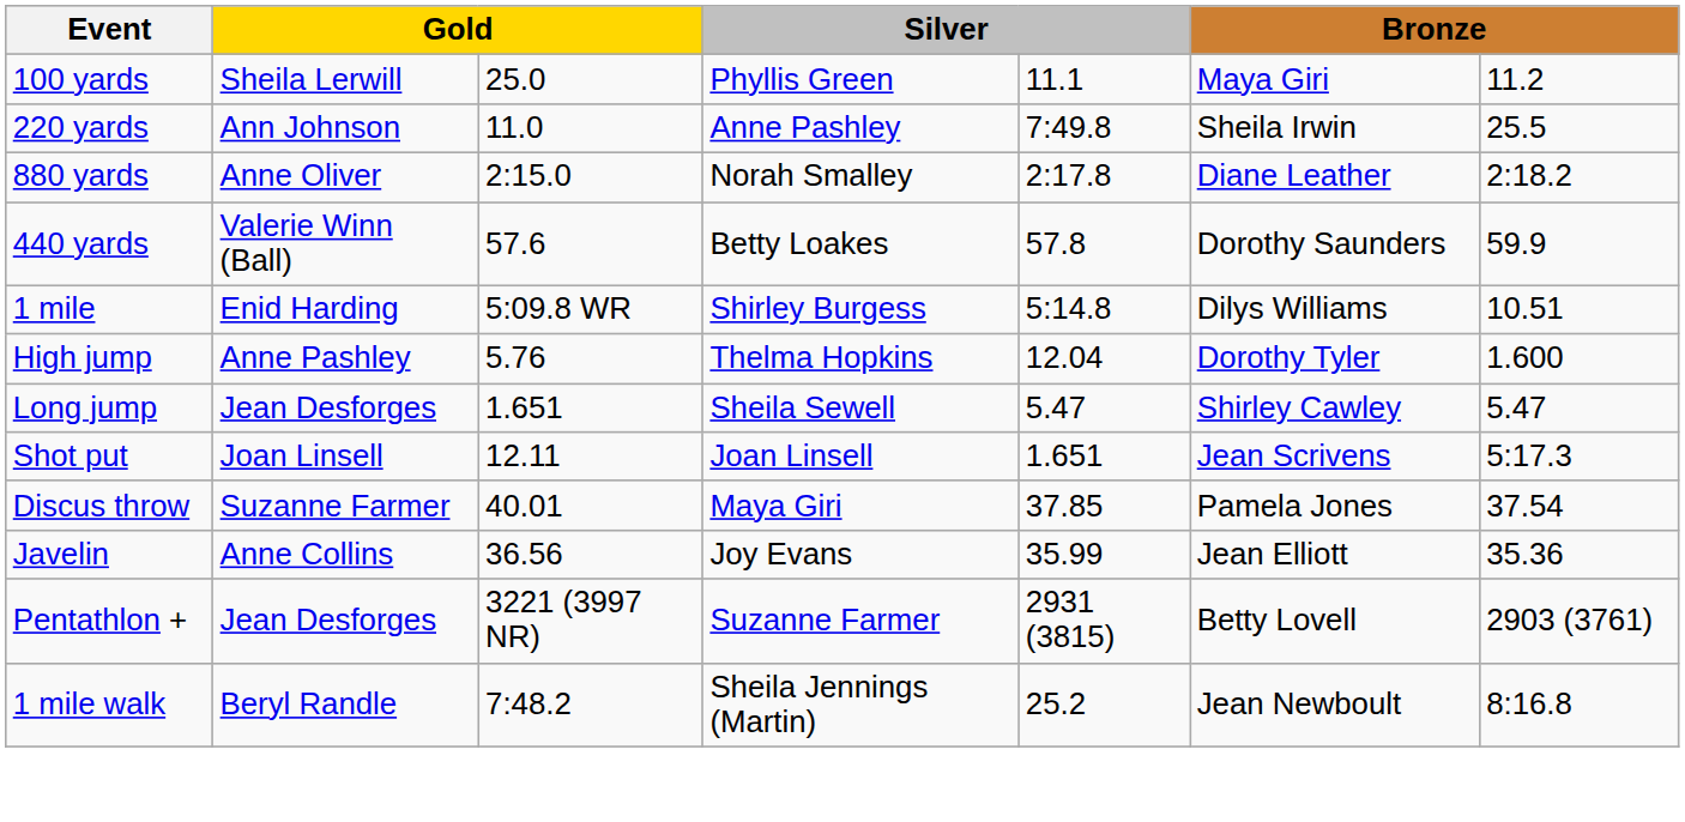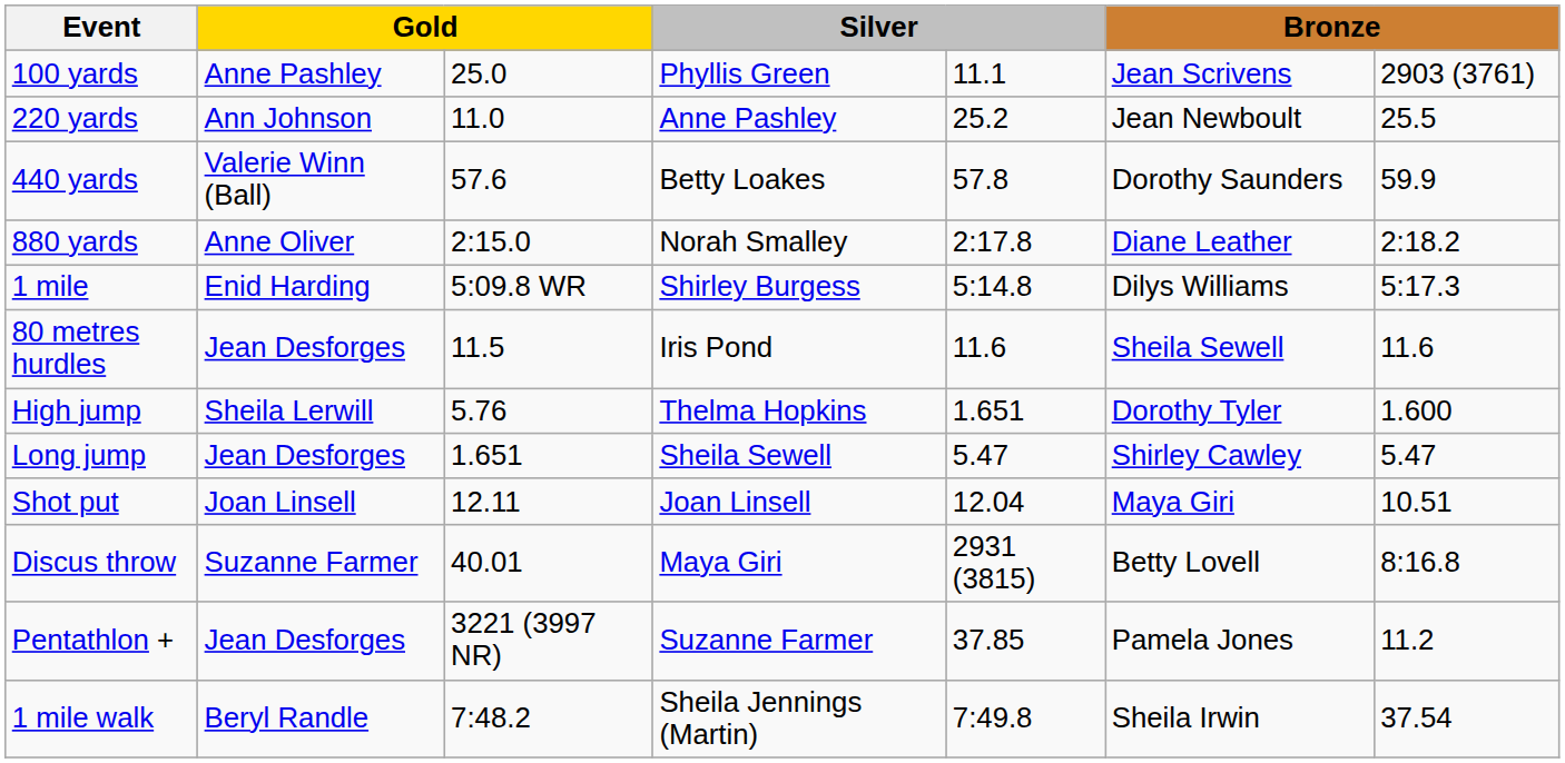 <table class="wikitable" style="text-align:left">
 <tr>
 <th width=100>Event</th>
 <th colspan="2" width="280" style="background:gold;">Gold</th>
 <th colspan="2" width="280" style="background:silver;">Silver</th>
 <th colspan="2" width="280" style="background:#CD7F32;">Bronze</th>
 </tr>
 <tr>
 <td><a href='#'>100 yards</a></td>
-<td><a href='#'>Sheila Lerwill</a></td>
+<td><a href='#'>Anne Pashley</a></td>
 <td>25.0</td>
 <td><a href='#'>Phyllis Green</a></td>
 <td>11.1</td>
-<td><a href='#'>Maya Giri</a></td>
-<td>11.2</td>
+<td><a href='#'>Jean Scrivens</a></td>
+<td>2903 (3761)</td>
 </tr>
 <tr>
 <td><a href='#'>220 yards</a></td>
 <td><a href='#'>Ann Johnson</a></td>
 <td>11.0</td>
 <td><a href='#'>Anne Pashley</a></td>
-<td>7:49.8</td>
-<td>Sheila Irwin</td>
+<td>25.2</td>
+<td>Jean Newboult</td>
 <td>25.5</td>
+</tr>
+<tr>
+<td><a href='#'>440 yards</a></td>
+<td><a href='#'>Valerie Winn</a> (Ball)</td>
+<td>57.6</td>
+<td>Betty Loakes</td>
+<td>57.8</td>
+<td>Dorothy Saunders </td>
+<td>59.9</td>
 </tr>
 <tr>
 <td><a href='#'>880 yards</a></td>
 <td><a href='#'>Anne Oliver</a></td>
 <td>2:15.0</td>
 <td>Norah Smalley</td>
 <td>2:17.8</td>
 <td><a href='#'>Diane Leather</a></td>
 <td>2:18.2</td>
 </tr>
 <tr>
-<td><a href='#'>440 yards</a></td>
-<td><a href='#'>Valerie Winn</a> (Ball)</td>
-<td>57.6</td>
-<td>Betty Loakes</td>
-<td>57.8</td>
-<td>Dorothy Saunders </td>
-<td>59.9</td>
-</tr>
-<tr>
 <td><a href='#'>1 mile</a></td>
 <td><a href='#'>Enid Harding</a></td>
 <td>5:09.8 WR</td>
 <td><a href='#'>Shirley Burgess</a></td>
 <td>5:14.8</td>
 <td>Dilys Williams</td>
-<td>10.51</td>
+<td>5:17.3</td>
+</tr>
+<tr>
+<td><a href='#'>80 metres hurdles</a></td>
+<td><a href='#'>Jean Desforges</a></td>
+<td>11.5</td>
+<td>Iris Pond</td>
+<td>11.6</td>
+<td><a href='#'>Sheila Sewell</a></td>
+<td>11.6</td>
 </tr>
 <tr>
 <td><a href='#'>High jump</a></td>
-<td><a href='#'>Anne Pashley</a></td>
+<td><a href='#'>Sheila Lerwill</a></td>
 <td>5.76</td>
 <td><a href='#'>Thelma Hopkins</a></td>
-<td>12.04</td>
+<td>1.651</td>
 <td><a href='#'>Dorothy Tyler</a></td>
 <td>1.600</td>
 </tr>
 <tr>
 <td><a href='#'>Long jump</a></td>
 <td><a href='#'>Jean Desforges</a></td>
 <td>1.651</td>
 <td><a href='#'>Sheila Sewell</a></td>
 <td>5.47</td>
 <td><a href='#'>Shirley Cawley</a></td>
 <td>5.47</td>
 </tr>
 <tr>
 <td><a href='#'>Shot put</a></td>
 <td><a href='#'>Joan Linsell</a></td>
 <td>12.11</td>
 <td><a href='#'>Joan Linsell</a></td>
-<td>1.651</td>
-<td><a href='#'>Jean Scrivens</a></td>
-<td>5:17.3</td>
+<td>12.04</td>
+<td><a href='#'>Maya Giri</a></td>
+<td>10.51</td>
 </tr>
 <tr>
 <td><a href='#'>Discus throw</a></td>
 <td><a href='#'>Suzanne Farmer</a></td>
 <td>40.01</td>
 <td><a href='#'>Maya Giri</a></td>
-<td>37.85</td>
-<td>Pamela Jones</td>
-<td>37.54</td>
-</tr>
-<tr>
-<td><a href='#'>Javelin</a></td>
-<td><a href='#'>Anne Collins</a></td>
-<td>36.56</td>
-<td>Joy Evans</td>
-<td>35.99</td>
-<td>Jean Elliott</td>
-<td>35.36</td>
+<td>2931 (3815)</td>
+<td>Betty Lovell</td>
+<td>8:16.8</td>
 </tr>
 <tr>
 <td><a href='#'>Pentathlon</a> +</td>
 <td><a href='#'>Jean Desforges</a></td>
 <td>3221 (3997 NR)</td>
 <td><a href='#'>Suzanne Farmer</a></td>
-<td>2931 (3815)</td>
-<td>Betty Lovell</td>
-<td>2903 (3761)</td>
+<td>37.85</td>
+<td>Pamela Jones</td>
+<td>11.2</td>
 </tr>
 <tr>
 <td><a href='#'>1 mile walk</a></td>
 <td><a href='#'>Beryl Randle</a></td>
 <td>7:48.2</td>
 <td>Sheila Jennings (Martin)</td>
-<td>25.2</td>
-<td>Jean Newboult</td>
-<td>8:16.8</td>
+<td>7:49.8</td>
+<td>Sheila Irwin</td>
+<td>37.54</td>
 </tr>
 </table>
